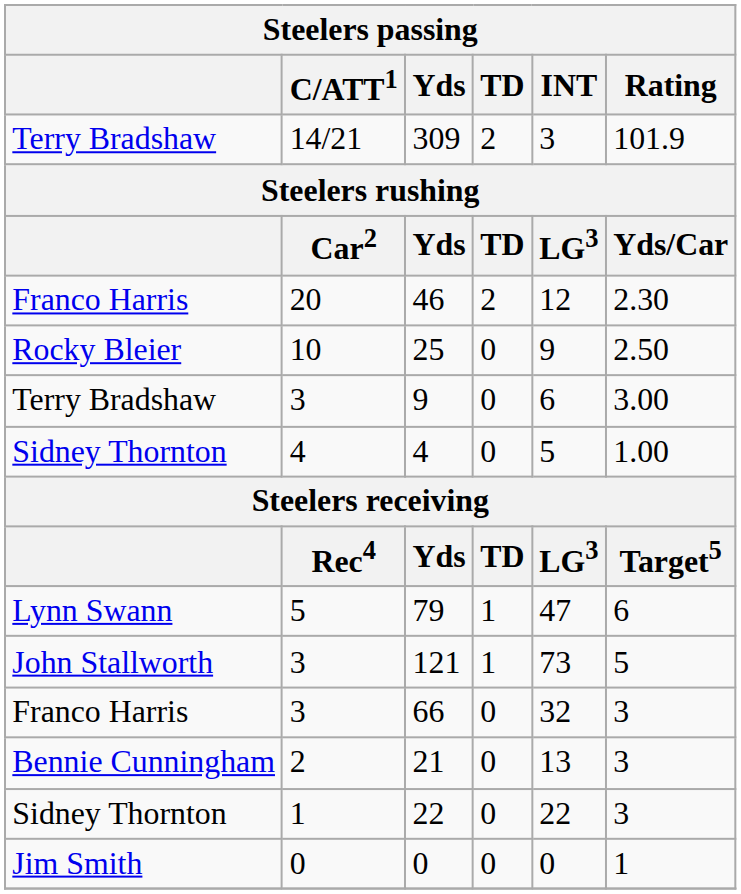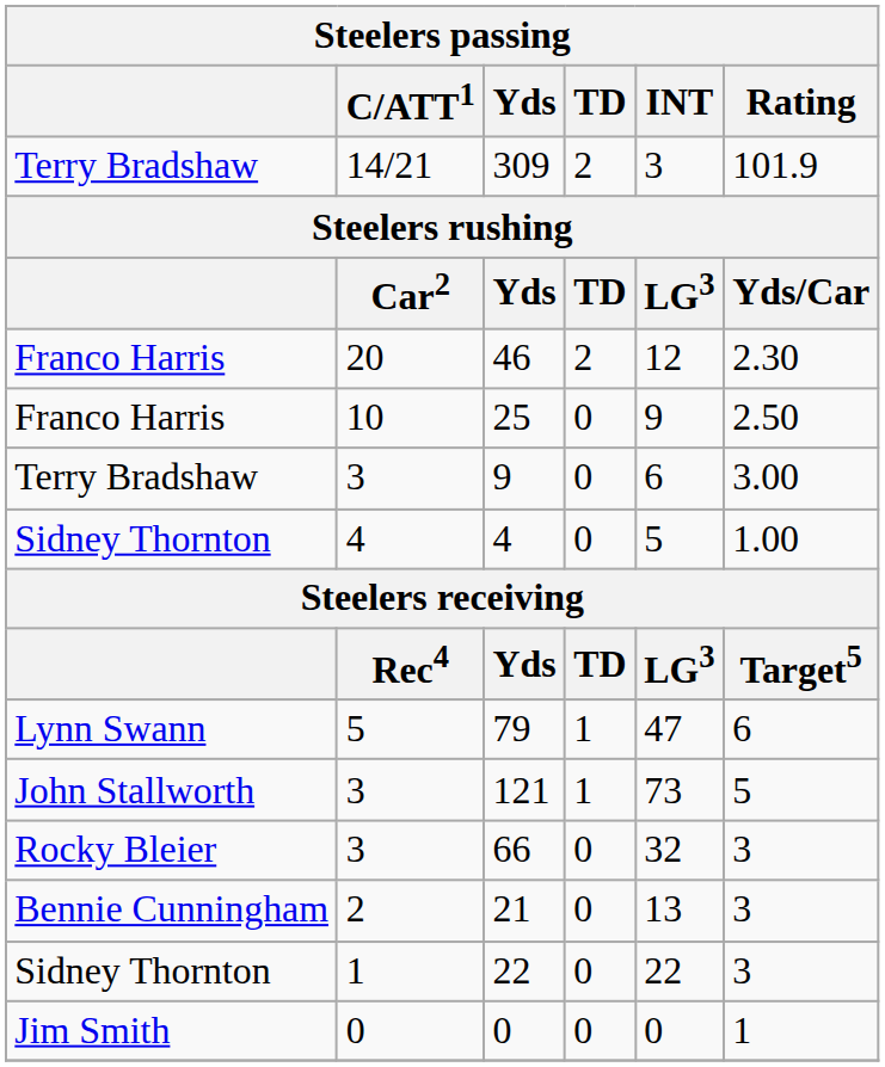 <table class="wikitable">
 <tr>
 <th colspan=6>Steelers passing</th>
 </tr>
 <tr>
 <th></th>
 <th>C/ATT<sup>1</sup></th>
 <th>Yds</th>
 <th>TD</th>
 <th>INT</th>
 <th>Rating</th>
 </tr>
 <tr>
 <td><a href='#'>Terry Bradshaw</a></td>
 <td>14/21</td>
 <td>309</td>
 <td>2</td>
 <td>3</td>
 <td>101.9</td>
 </tr>
 <tr>
 <th colspan=6>Steelers rushing</th>
 </tr>
 <tr>
 <th></th>
 <th>Car<sup>2</sup></th>
 <th>Yds</th>
 <th>TD</th>
 <th>LG<sup>3</sup></th>
 <th>Yds/Car</th>
 </tr>
 <tr>
 <td><a href='#'>Franco Harris</a></td>
 <td>20</td>
 <td>46</td>
 <td>2</td>
 <td>12</td>
 <td>2.30</td>
 </tr>
 <tr>
-<td><a href='#'>Rocky Bleier</a></td>
+<td>Franco Harris</td>
 <td>10</td>
 <td>25</td>
 <td>0</td>
 <td>9</td>
 <td>2.50</td>
 </tr>
 <tr>
 <td>Terry Bradshaw</td>
 <td>3</td>
 <td>9</td>
 <td>0</td>
 <td>6</td>
 <td>3.00</td>
 </tr>
 <tr>
 <td><a href='#'>Sidney Thornton</a></td>
 <td>4</td>
 <td>4</td>
 <td>0</td>
 <td>5</td>
 <td>1.00</td>
 </tr>
 <tr>
 <th colspan=6>Steelers receiving</th>
 </tr>
 <tr>
 <th></th>
 <th>Rec<sup>4</sup></th>
 <th>Yds</th>
 <th>TD</th>
 <th>LG<sup>3</sup></th>
 <th>Target<sup>5</sup></th>
 </tr>
 <tr>
 <td><a href='#'>Lynn Swann</a></td>
 <td>5</td>
 <td>79</td>
 <td>1</td>
 <td>47</td>
 <td>6</td>
 </tr>
 <tr>
 <td><a href='#'>John Stallworth</a></td>
 <td>3</td>
 <td>121</td>
 <td>1</td>
 <td>73</td>
 <td>5</td>
 </tr>
 <tr>
-<td>Franco Harris</td>
+<td><a href='#'>Rocky Bleier</a></td>
 <td>3</td>
 <td>66</td>
 <td>0</td>
 <td>32</td>
 <td>3</td>
 </tr>
 <tr>
 <td><a href='#'>Bennie Cunningham</a></td>
 <td>2</td>
 <td>21</td>
 <td>0</td>
 <td>13</td>
 <td>3</td>
 </tr>
 <tr>
 <td>Sidney Thornton</td>
 <td>1</td>
 <td>22</td>
 <td>0</td>
 <td>22</td>
 <td>3</td>
 </tr>
 <tr>
 <td><a href='#'>Jim Smith</a></td>
 <td>0</td>
 <td>0</td>
 <td>0</td>
 <td>0</td>
 <td>1</td>
 </tr>
 <tr>
 </tr>
 </table>
